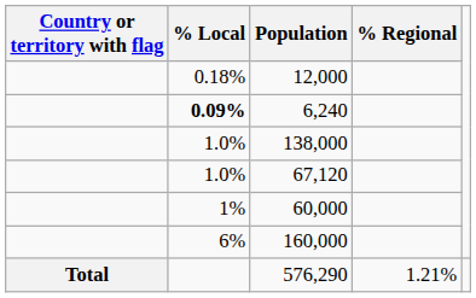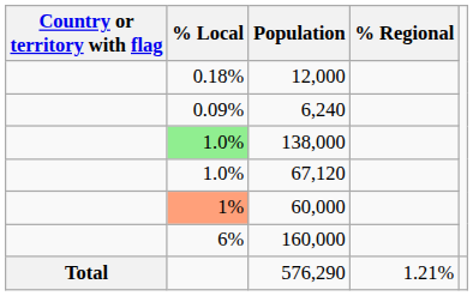 <table class="wikitable sortable" style="font-size:85%;">
 <tr style="background:#ececec;">
 <th><a href='#'>Country</a> or <br><a href='#'>territory</a> with <a href='#'>flag</a></th>
 <th>% Local</th>
 <th>Population</th>
 <th>% Regional</th>
 </tr>
 <tr>
 <td style="text-align:left;"></td>
 <td style="text-align:right;">0.18%</td>
 <td style="text-align:right;">12,000</td>
 <td style="text-align:right;"></td>
 </tr>
 <tr>
 <td style="text-align:left;"></td>
-<td style="text-align:right;"><strong>0.09%</strong></td>
+<td style="text-align:right;">0.09%</td>
 <td style="text-align:right;">6,240</td>
 <td style="text-align:right;"></td>
 </tr>
 <tr>
 <td style="text-align:left;"></td>
-<td style="text-align:right;">1.0%</td>
+<td style="background: lightgreen; text-align:right;">1.0%</td>
 <td style="text-align:right;">138,000</td>
 <td style="text-align:right;"></td>
 </tr>
 <tr>
 <td style="text-align:left;"></td>
 <td style="text-align:right;">1.0%</td>
 <td style="text-align:right;">67,120</td>
 <td style="text-align:right;"></td>
 </tr>
 <tr>
 <td style="text-align:left;"></td>
-<td style="text-align:right;">1%</td>
+<td style="background: lightsalmon; text-align:right;">1%</td>
 <td style="text-align:right;">60,000</td>
 <td style="text-align:right;"></td>
 </tr>
 <tr>
 <td ="text-align:left;"></td>
 <td style="text-align:right;">6%</td>
 <td style="text-align:right;">160,000</td>
 <td style="text-align:right;"></td>
 </tr>
 <tr class="sortbottom">
 <th>Total</th>
 <td style="text-align:right;"></td>
 <td style="text-align:right;">576,290</td>
 <td style="text-align:right;">1.21%</td>
 <td></td>
 </tr>
 </table>
